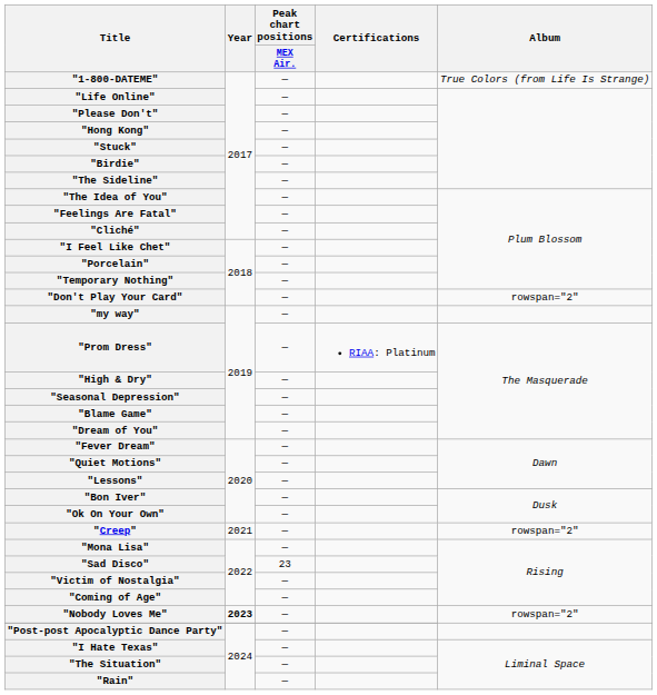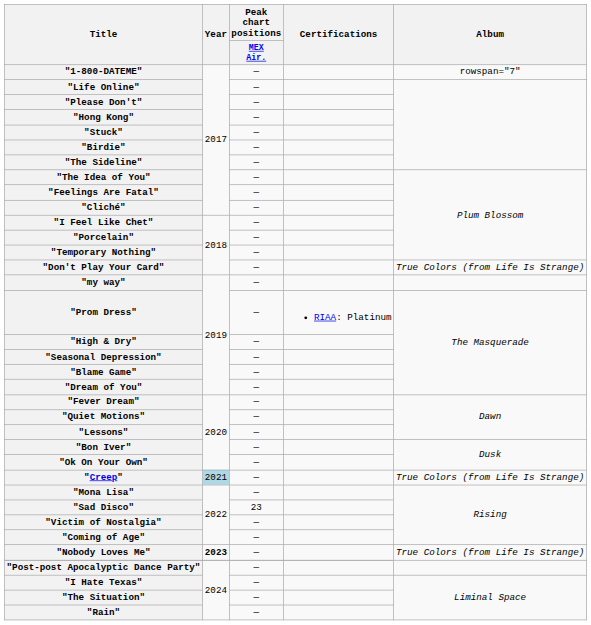 <table class="wikitable plainrowheaders" style="text-align:center">
 <tr>
 <th scope="col" rowspan="2">Title</th>
 <th scope="col" rowspan="2">Year</th>
 <th scope="col" colspan="1">Peak chart positions</th>
 <th scope="col" rowspan="2">Certifications</th>
 <th scope="col" rowspan="2">Album</th>
 </tr>
 <tr>
 <th scope="col" style="width:2.5em;font-size:90%;"><a href='#'>MEX<br>Air.</a><br></th>
 </tr>
 <tr>
 <th scope="row">"1-800-DATEME"</th>
 <td rowspan="10">2017</td>
 <td>—</td>
 <td></td>
-<td><em>True Colors (from Life Is Strange)</em></td>
+<td>rowspan="7" </td>
 </tr>
 <tr>
 <th scope="row">"Life Online"</th>
 <td>—</td>
 <td></td>
 </tr>
 <tr>
 <th scope="row">"Please Don't"</th>
 <td>—</td>
 <td></td>
 </tr>
 <tr>
 <th scope="row">"Hong Kong"</th>
 <td>—</td>
 <td></td>
 </tr>
 <tr>
 <th scope="row">"Stuck"</th>
 <td>—</td>
 <td></td>
 </tr>
 <tr>
 <th scope="row">"Birdie"</th>
 <td>—</td>
 <td></td>
 </tr>
 <tr>
 <th scope="row">"The Sideline"</th>
 <td>—</td>
 <td></td>
 </tr>
 <tr>
 <th scope="row">"The Idea of You"</th>
 <td>—</td>
 <td></td>
 <td rowspan="6"><em>Plum Blossom</em></td>
 </tr>
 <tr>
 <th scope="row">"Feelings Are Fatal"</th>
 <td>—</td>
 <td></td>
 </tr>
 <tr>
 <th scope="row">"Cliché"</th>
 <td>—</td>
 <td></td>
 </tr>
 <tr>
 <th scope="row">"I Feel Like Chet"</th>
 <td rowspan="4">2018</td>
 <td>—</td>
 <td></td>
 </tr>
 <tr>
 <th scope="row">"Porcelain"</th>
 <td>—</td>
 <td></td>
 </tr>
 <tr>
 <th scope="row">"Temporary Nothing"</th>
 <td>—</td>
 <td></td>
 </tr>
 <tr>
 <th scope="row">"Don't Play Your Card"</th>
 <td>—</td>
 <td></td>
-<td>rowspan="2" </td>
+<td><em>True Colors (from Life Is Strange)</em></td>
 </tr>
 <tr>
 <th scope="row">"my way"</th>
 <td rowspan="6">2019</td>
 <td>—</td>
 <td></td>
 </tr>
 <tr>
 <th scope="row">"Prom Dress"</th>
 <td>—</td>
 <td><br><ul><li><a href='#'>RIAA</a>: Platinum</li></ul></td>
 <td rowspan="5"><em>The Masquerade</em></td>
 </tr>
 <tr>
 <th scope="row">"High & Dry"</th>
 <td>—</td>
 <td></td>
 </tr>
 <tr>
 <th scope="row">"Seasonal Depression"</th>
 <td>—</td>
 <td></td>
 </tr>
 <tr>
 <th scope="row">"Blame Game"</th>
 <td>—</td>
 <td></td>
 </tr>
 <tr>
 <th scope="row">"Dream of You"</th>
 <td>—</td>
 <td></td>
 </tr>
 <tr>
 <th scope="row">"Fever Dream"</th>
 <td rowspan="5">2020</td>
 <td>—</td>
 <td></td>
 <td rowspan="3"><em>Dawn</em></td>
 </tr>
 <tr>
 <th scope="row">"Quiet Motions"</th>
 <td>—</td>
 <td></td>
 </tr>
 <tr>
 <th scope="row">"Lessons"</th>
 <td>—</td>
 <td></td>
 </tr>
 <tr>
 <th scope="row">"Bon Iver"</th>
 <td>—</td>
 <td></td>
 <td rowspan="2"><em>Dusk</em></td>
 </tr>
 <tr>
 <th scope="row">"Ok On Your Own"<br></th>
 <td>—</td>
 <td></td>
 </tr>
 <tr>
 <th scope="row">"<a href='#'>Creep</a>"</th>
-<td>2021</td>
+<td style="background: lightblue;">2021</td>
 <td>—</td>
 <td></td>
-<td>rowspan="2" </td>
+<td><em>True Colors (from Life Is Strange)</em></td>
 </tr>
 <tr>
 <th scope="row">"Mona Lisa"</th>
 <td rowspan="4">2022</td>
 <td>—</td>
 <td></td>
 <td rowspan="4"><em>Rising</em></td>
 </tr>
 <tr>
 <th scope="row">"Sad Disco"</th>
 <td>23</td>
 <td></td>
 </tr>
 <tr>
 <th scope="row">"Victim of Nostalgia"</th>
 <td>—</td>
 <td></td>
 </tr>
 <tr>
 <th scope="row">"Coming of Age"</th>
 <td>—</td>
 <td></td>
 </tr>
 <tr>
 <th scope="row">"Nobody Loves Me"<br></th>
 <td><strong>2023</strong></td>
 <td>—</td>
 <td></td>
-<td>rowspan="2" </td>
+<td><em>True Colors (from Life Is Strange)</em></td>
 </tr>
 <tr>
 </tr>
 <tr>
 <th scope="row">"Post-post Apocalyptic Dance Party"</th>
 <td rowspan="4">2024</td>
 <td>—</td>
 <td></td>
 </tr>
 <tr>
 <th scope="row">"I Hate Texas"</th>
 <td>—</td>
 <td></td>
 <td rowspan="3"><em>Liminal Space</em></td>
 </tr>
 <tr>
 <th scope="row">"The Situation"<br></th>
 <td>—</td>
 <td></td>
 </tr>
 <tr>
 <th scope="row">"Rain"</th>
 <td>—</td>
 <td></td>
 </tr>
 </table>
